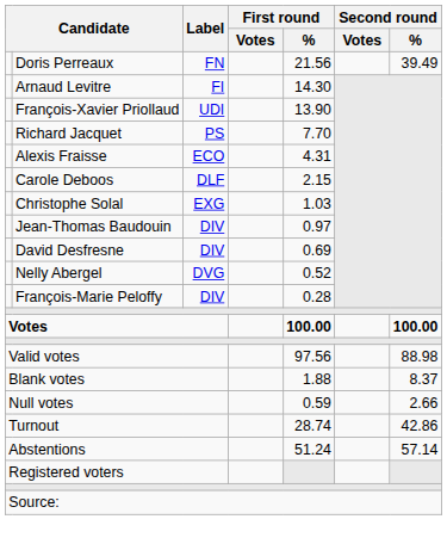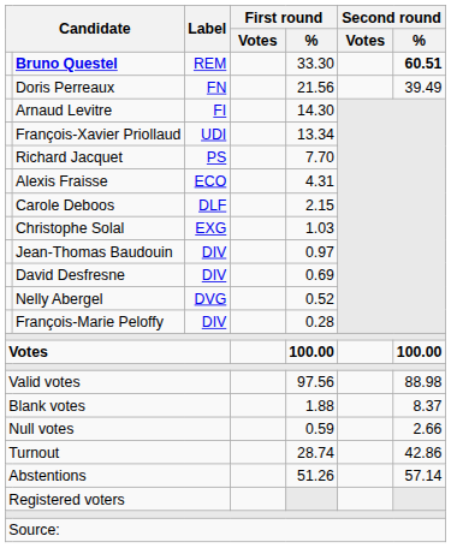 <table class="wikitable" style="text-align:right;font-size:95%;">
 <tr>
 <th rowspan="2" colspan="2">Candidate</th>
 <th rowspan="2">Label</th>
 <th colspan="2">First round</th>
 <th colspan="2">Second round</th>
 </tr>
 <tr>
 <th style="width:50px;">Votes</th>
 <th style="width:45px;">%</th>
 <th style="width:50px;">Votes</th>
 <th style="width:45px;">%</th>
+</tr>
+<tr>
+<td style="color:inherit;background:"></td>
+<td style="text-align:left;"><strong><a href='#'>Bruno Questel</a></strong></td>
+<td><a href='#'>REM</a></td>
+<td></td>
+<td>33.30</td>
+<td><strong></strong></td>
+<td><strong>60.51</strong></td>
 </tr>
 <tr>
 <td style="color:inherit;background:"></td>
 <td style="text-align:left;">Doris Perreaux</td>
 <td><a href='#'>FN</a></td>
 <td></td>
 <td>21.56</td>
 <td></td>
 <td>39.49</td>
 </tr>
 <tr>
 <td style="color:inherit;background:"></td>
 <td style="text-align:left;">Arnaud Levitre</td>
 <td><a href='#'>FI</a></td>
 <td></td>
 <td>14.30</td>
 <td colspan="2" rowspan="10" style="background:#E9E9E9;"></td>
 </tr>
 <tr>
 <td style="color:inherit;background:"></td>
 <td style="text-align:left;">François-Xavier Priollaud</td>
 <td><a href='#'>UDI</a></td>
 <td></td>
-<td>13.90</td>
+<td>13.34</td>
 </tr>
 <tr>
 <td style="color:inherit;background:"></td>
 <td style="text-align:left;">Richard Jacquet</td>
 <td><a href='#'>PS</a></td>
 <td></td>
 <td>7.70</td>
 </tr>
 <tr>
 <td style="color:inherit;background:"></td>
 <td style="text-align:left;">Alexis Fraisse</td>
 <td><a href='#'>ECO</a></td>
 <td></td>
 <td>4.31</td>
 </tr>
 <tr>
 <td style="color:inherit;background:"></td>
 <td style="text-align:left;">Carole Deboos</td>
 <td><a href='#'>DLF</a></td>
 <td></td>
 <td>2.15</td>
 </tr>
 <tr>
 <td style="color:inherit;background:"></td>
 <td style="text-align:left;">Christophe Solal</td>
 <td><a href='#'>EXG</a></td>
 <td></td>
 <td>1.03</td>
 </tr>
 <tr>
 <td style="color:inherit;background:"></td>
 <td style="text-align:left;">Jean-Thomas Baudouin</td>
 <td><a href='#'>DIV</a></td>
 <td></td>
 <td>0.97</td>
 </tr>
 <tr>
 <td style="color:inherit;background:"></td>
 <td style="text-align:left;">David Desfresne</td>
 <td><a href='#'>DIV</a></td>
 <td></td>
 <td>0.69</td>
 </tr>
 <tr>
 <td style="color:inherit;background:"></td>
 <td style="text-align:left;">Nelly Abergel</td>
 <td><a href='#'>DVG</a></td>
 <td></td>
 <td>0.52</td>
 </tr>
 <tr>
 <td style="color:inherit;background:"></td>
 <td style="text-align:left;">François-Marie Peloffy</td>
 <td><a href='#'>DIV</a></td>
 <td></td>
 <td>0.28</td>
 </tr>
 <tr>
 <td colspan="7" style="background:#E9E9E9;"></td>
 </tr>
 <tr style="font-weight:bold;">
 <td colspan="3" style="text-align:left;">Votes</td>
 <td></td>
 <td>100.00</td>
 <td></td>
 <td>100.00</td>
 </tr>
 <tr>
 <td colspan="7" style="background:#E9E9E9;"></td>
 </tr>
 <tr>
 <td colspan="3" style="text-align:left;">Valid votes</td>
 <td></td>
 <td>97.56</td>
 <td></td>
 <td>88.98</td>
 </tr>
 <tr>
 <td colspan="3" style="text-align:left;">Blank votes</td>
 <td></td>
 <td>1.88</td>
 <td></td>
 <td>8.37</td>
 </tr>
 <tr>
 <td colspan="3" style="text-align:left;">Null votes</td>
 <td></td>
 <td>0.59</td>
 <td></td>
 <td>2.66</td>
 </tr>
 <tr>
 <td colspan="3" style="text-align:left;">Turnout</td>
 <td></td>
 <td>28.74</td>
 <td></td>
 <td>42.86</td>
 </tr>
 <tr>
 <td colspan="3" style="text-align:left;">Abstentions</td>
 <td></td>
-<td>51.24</td>
+<td>51.26</td>
 <td></td>
 <td>57.14</td>
 </tr>
 <tr>
 <td colspan="3" style="text-align:left;">Registered voters</td>
 <td></td>
 <td style="background:#E9E9E9;"></td>
 <td></td>
 <td style="background:#E9E9E9;"></td>
 </tr>
 <tr>
 <td colspan="7" style="background:#E9E9E9;"></td>
 </tr>
 <tr>
 <td colspan="7" style="text-align:left;">Source: </td>
 </tr>
 </table>
